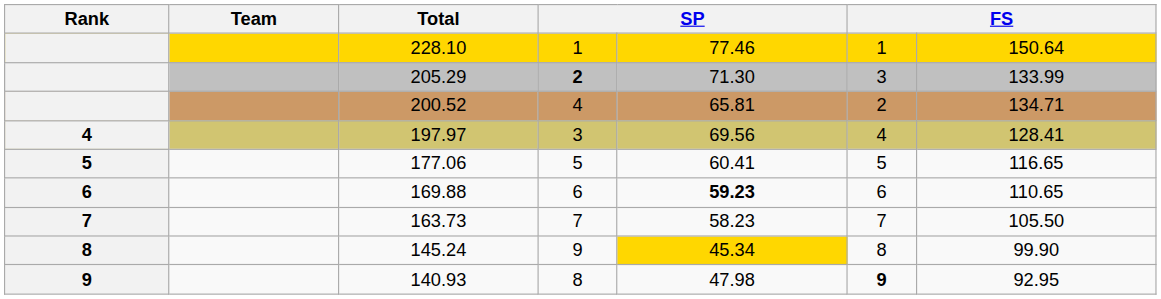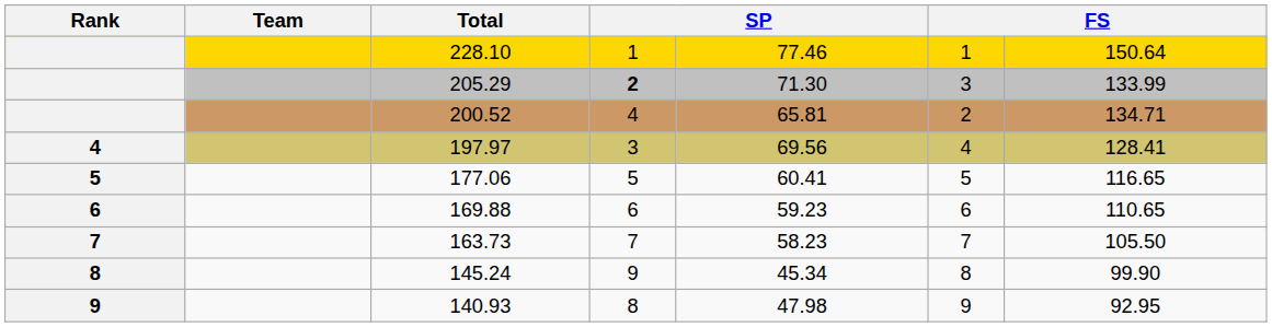 <table class="wikitable sortable" style="text-align:left; width:80%">
 <tr>
 <th scope="col">Rank</th>
 <th scope="col">Team</th>
 <th scope="col">Total</th>
 <th colspan="2" scope="col" width="80px"><a href='#'>SP</a></th>
 <th colspan="2" scope="col" width="80px"><a href='#'>FS</a></th>
 </tr>
 <tr bgcolor="gold">
 <th scope="row"></th>
 <td></td>
 <td align="center">228.10</td>
 <td align="center">1</td>
 <td align="center">77.46</td>
 <td align="center">1</td>
 <td align="center">150.64</td>
 </tr>
 <tr bgcolor="silver">
 <th scope="row"></th>
 <td></td>
 <td align="center">205.29</td>
 <td align="center"><strong>2</strong></td>
 <td align="center">71.30</td>
 <td align="center">3</td>
 <td align="center">133.99</td>
 </tr>
 <tr bgcolor="cc9966">
 <th scope="row"></th>
 <td></td>
 <td align="center">200.52</td>
 <td align="center">4</td>
 <td align="center">65.81</td>
 <td align="center">2</td>
 <td align="center">134.71</td>
 </tr>
 <tr bgcolor="#d1c571">
 <th scope="row">4</th>
 <td></td>
 <td align="center">197.97</td>
 <td align="center">3</td>
 <td align="center">69.56</td>
 <td align="center">4</td>
 <td align="center">128.41</td>
 </tr>
 <tr>
 <th scope="row">5</th>
 <td></td>
 <td align="center">177.06</td>
 <td align="center">5</td>
 <td align="center">60.41</td>
 <td align="center">5</td>
 <td align="center">116.65</td>
 </tr>
 <tr>
 <th scope="row">6</th>
 <td></td>
 <td align="center">169.88</td>
 <td align="center">6</td>
-<td align="center"><strong>59.23</strong></td>
+<td align="center">59.23</td>
 <td align="center">6</td>
 <td align="center">110.65</td>
 </tr>
 <tr>
 <th scope="row">7</th>
 <td></td>
 <td align="center">163.73</td>
 <td align="center">7</td>
 <td align="center">58.23</td>
 <td align="center">7</td>
 <td align="center">105.50</td>
 </tr>
 <tr>
 <th scope="row">8</th>
 <td></td>
 <td align="center">145.24</td>
 <td align="center">9</td>
-<td align="center" style="background: gold;">45.34</td>
+<td align="center">45.34</td>
 <td align="center">8</td>
 <td align="center">99.90</td>
 </tr>
 <tr>
 <th scope="row">9</th>
 <td></td>
 <td align="center">140.93</td>
 <td align="center">8</td>
 <td align="center">47.98</td>
-<td align="center"><strong>9</strong></td>
+<td align="center">9</td>
 <td align="center">92.95</td>
 </tr>
 </table>
